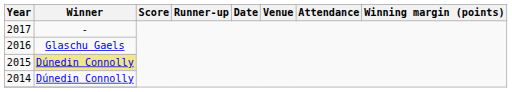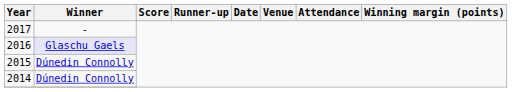 <table class="sortable wikitable plainrowheaders" style="text-align:center;">
 <tr style="background:#efefef">
 <th>Year</th>
 <th>Winner</th>
 <th>Score</th>
 <th>Runner-up</th>
 <th>Date</th>
 <th>Venue</th>
 <th>Attendance</th>
 <th>Winning margin (points)</th>
 </tr>
 <tr>
 <td>2017</td>
 <td>-</td>
 </tr>
 <tr>
 <td>2016</td>
-<td><a href='#'>Glaschu Gaels</a></td>
+<td style="background: lavender;"><a href='#'>Glaschu Gaels</a></td>
 </tr>
 <tr>
 <td>2015</td>
-<td style="background: khaki;"><a href='#'>Dúnedin Connolly</a></td>
+<td><a href='#'>Dúnedin Connolly</a></td>
 </tr>
 <tr>
 <td>2014</td>
 <td><a href='#'>Dúnedin Connolly</a></td>
 </tr>
 <tr>
 </tr>
 </table>
